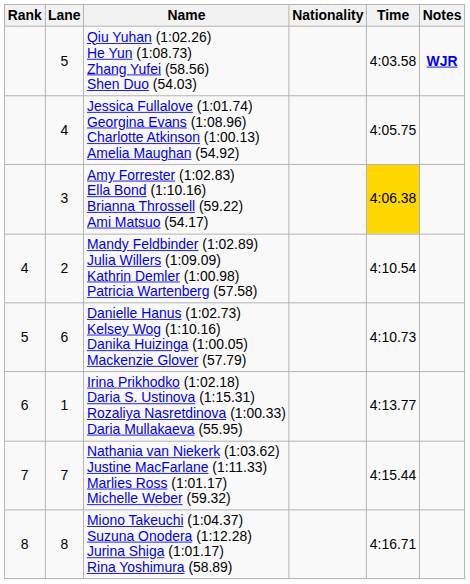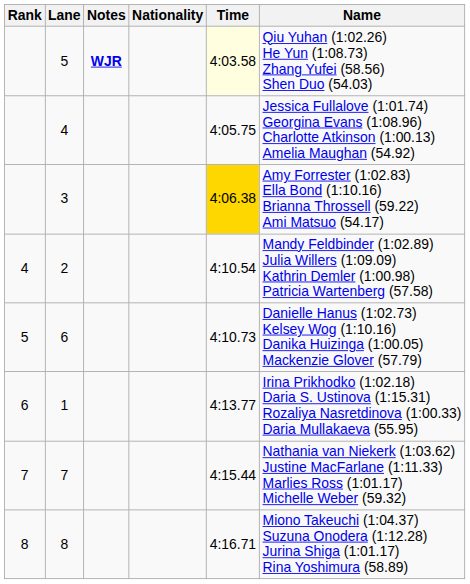 <table class="wikitable sortable" style="text-align:center">
 <tr>
 <th>Rank</th>
 <th>Lane</th>
-<th>Name</th>
+<th>Notes</th>
 <th>Nationality</th>
 <th>Time</th>
-<th>Notes</th>
+<th>Name</th>
 </tr>
 <tr>
 <td></td>
 <td>5</td>
+<td><strong><a href='#'>WJR</a></strong></td>
+<td align=left></td>
+<td style="background: lightyellow;">4:03.58</td>
 <td align=left><a href='#'>Qiu Yuhan</a> (1:02.26)<br><a href='#'>He Yun</a> (1:08.73)<br><a href='#'>Zhang Yufei</a> (58.56)<br><a href='#'>Shen Duo</a> (54.03)</td>
-<td align=left></td>
-<td>4:03.58</td>
-<td><strong><a href='#'>WJR</a></strong></td>
 </tr>
 <tr>
 <td></td>
 <td>4</td>
-<td align=left><a href='#'>Jessica Fullalove</a> (1:01.74)<br><a href='#'>Georgina Evans</a> (1:08.96)<br><a href='#'>Charlotte Atkinson</a> (1:00.13)<br><a href='#'>Amelia Maughan</a> (54.92)</td>
+<td></td>
 <td align=left></td>
 <td>4:05.75</td>
-<td></td>
+<td align=left><a href='#'>Jessica Fullalove</a> (1:01.74)<br><a href='#'>Georgina Evans</a> (1:08.96)<br><a href='#'>Charlotte Atkinson</a> (1:00.13)<br><a href='#'>Amelia Maughan</a> (54.92)</td>
 </tr>
 <tr>
 <td></td>
 <td>3</td>
-<td align=left><a href='#'>Amy Forrester</a> (1:02.83)<br><a href='#'>Ella Bond</a> (1:10.16)<br><a href='#'>Brianna Throssell</a> (59.22)<br><a href='#'>Ami Matsuo</a> (54.17)</td>
+<td></td>
 <td align=left></td>
 <td style="background: gold;">4:06.38</td>
-<td></td>
+<td align=left><a href='#'>Amy Forrester</a> (1:02.83)<br><a href='#'>Ella Bond</a> (1:10.16)<br><a href='#'>Brianna Throssell</a> (59.22)<br><a href='#'>Ami Matsuo</a> (54.17)</td>
 </tr>
 <tr>
 <td>4</td>
 <td>2</td>
-<td align=left><a href='#'>Mandy Feldbinder</a> (1:02.89)<br><a href='#'>Julia Willers</a> (1:09.09)<br><a href='#'>Kathrin Demler</a> (1:00.98)<br><a href='#'>Patricia Wartenberg</a> (57.58)</td>
+<td></td>
 <td align=left></td>
 <td>4:10.54</td>
-<td></td>
+<td align=left><a href='#'>Mandy Feldbinder</a> (1:02.89)<br><a href='#'>Julia Willers</a> (1:09.09)<br><a href='#'>Kathrin Demler</a> (1:00.98)<br><a href='#'>Patricia Wartenberg</a> (57.58)</td>
 </tr>
 <tr>
 <td>5</td>
 <td>6</td>
-<td align=left><a href='#'>Danielle Hanus</a> (1:02.73)<br><a href='#'>Kelsey Wog</a> (1:10.16)<br><a href='#'>Danika Huizinga</a> (1:00.05)<br><a href='#'>Mackenzie Glover</a> (57.79)</td>
+<td></td>
 <td align=left></td>
 <td>4:10.73</td>
-<td></td>
+<td align=left><a href='#'>Danielle Hanus</a> (1:02.73)<br><a href='#'>Kelsey Wog</a> (1:10.16)<br><a href='#'>Danika Huizinga</a> (1:00.05)<br><a href='#'>Mackenzie Glover</a> (57.79)</td>
 </tr>
 <tr>
 <td>6</td>
 <td>1</td>
-<td align=left><a href='#'>Irina Prikhodko</a> (1:02.18)<br><a href='#'>Daria S. Ustinova</a> (1:15.31)<br><a href='#'>Rozaliya Nasretdinova</a> (1:00.33)<br><a href='#'>Daria Mullakaeva</a> (55.95)</td>
+<td></td>
 <td align=left></td>
 <td>4:13.77</td>
-<td></td>
+<td align=left><a href='#'>Irina Prikhodko</a> (1:02.18)<br><a href='#'>Daria S. Ustinova</a> (1:15.31)<br><a href='#'>Rozaliya Nasretdinova</a> (1:00.33)<br><a href='#'>Daria Mullakaeva</a> (55.95)</td>
 </tr>
 <tr>
 <td>7</td>
 <td>7</td>
-<td align=left><a href='#'>Nathania van Niekerk</a> (1:03.62)<br><a href='#'>Justine MacFarlane</a> (1:11.33)<br><a href='#'>Marlies Ross</a> (1:01.17)<br><a href='#'>Michelle Weber</a> (59.32)</td>
+<td></td>
 <td align=left></td>
 <td>4:15.44</td>
-<td></td>
+<td align=left><a href='#'>Nathania van Niekerk</a> (1:03.62)<br><a href='#'>Justine MacFarlane</a> (1:11.33)<br><a href='#'>Marlies Ross</a> (1:01.17)<br><a href='#'>Michelle Weber</a> (59.32)</td>
 </tr>
 <tr>
 <td>8</td>
 <td>8</td>
-<td align=left><a href='#'>Miono Takeuchi</a> (1:04.37)<br><a href='#'>Suzuna Onodera</a> (1:12.28)<br><a href='#'>Jurina Shiga</a> (1:01.17)<br><a href='#'>Rina Yoshimura</a> (58.89)</td>
+<td></td>
 <td align=left></td>
 <td>4:16.71</td>
-<td></td>
+<td align=left><a href='#'>Miono Takeuchi</a> (1:04.37)<br><a href='#'>Suzuna Onodera</a> (1:12.28)<br><a href='#'>Jurina Shiga</a> (1:01.17)<br><a href='#'>Rina Yoshimura</a> (58.89)</td>
 </tr>
 </table>
